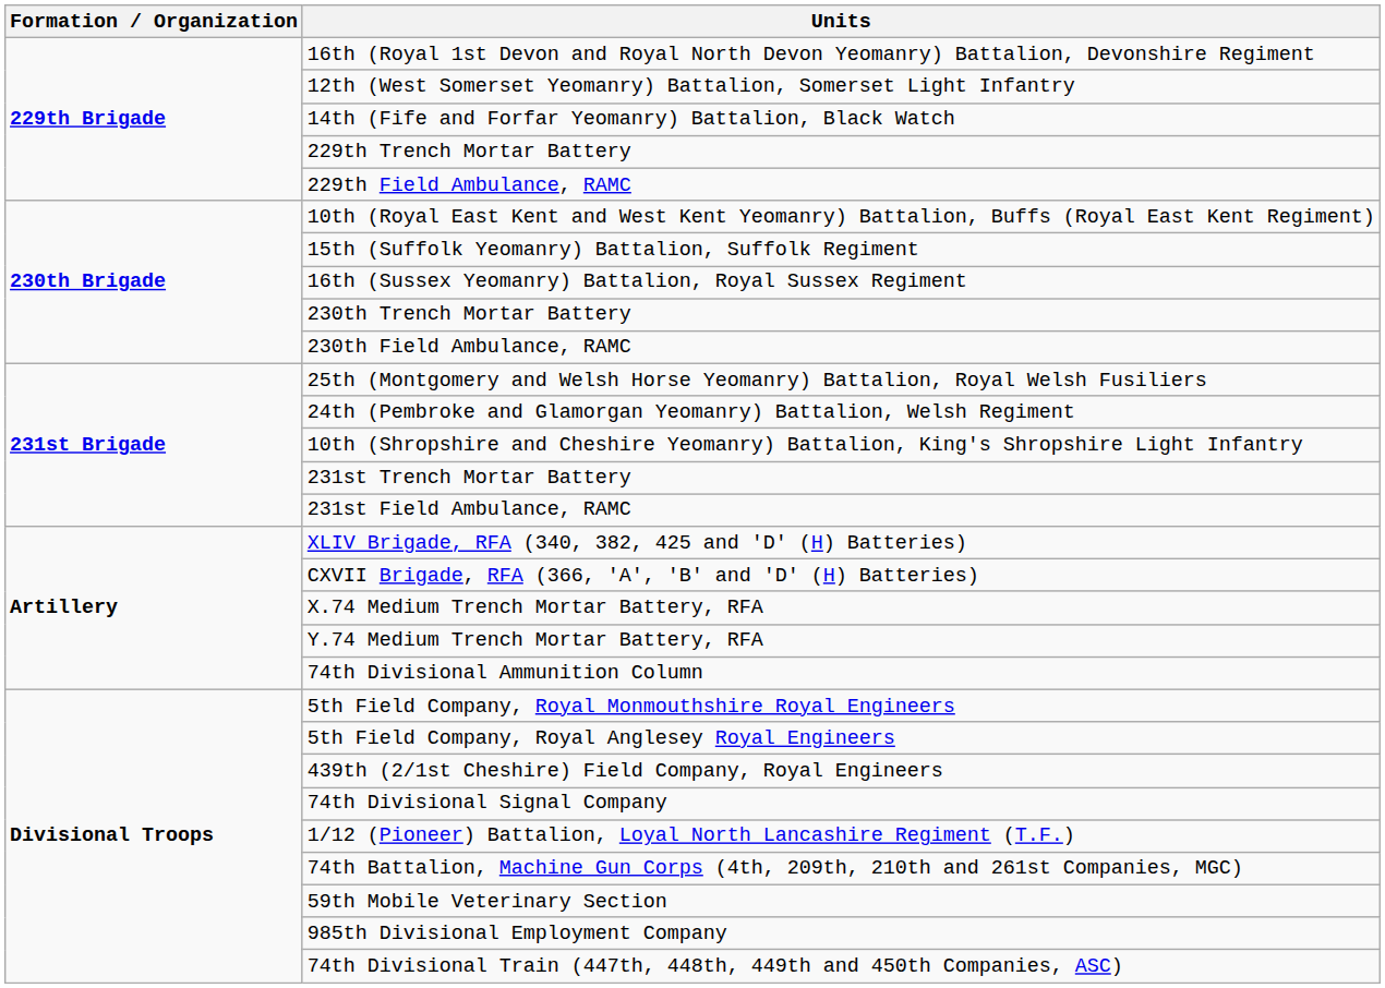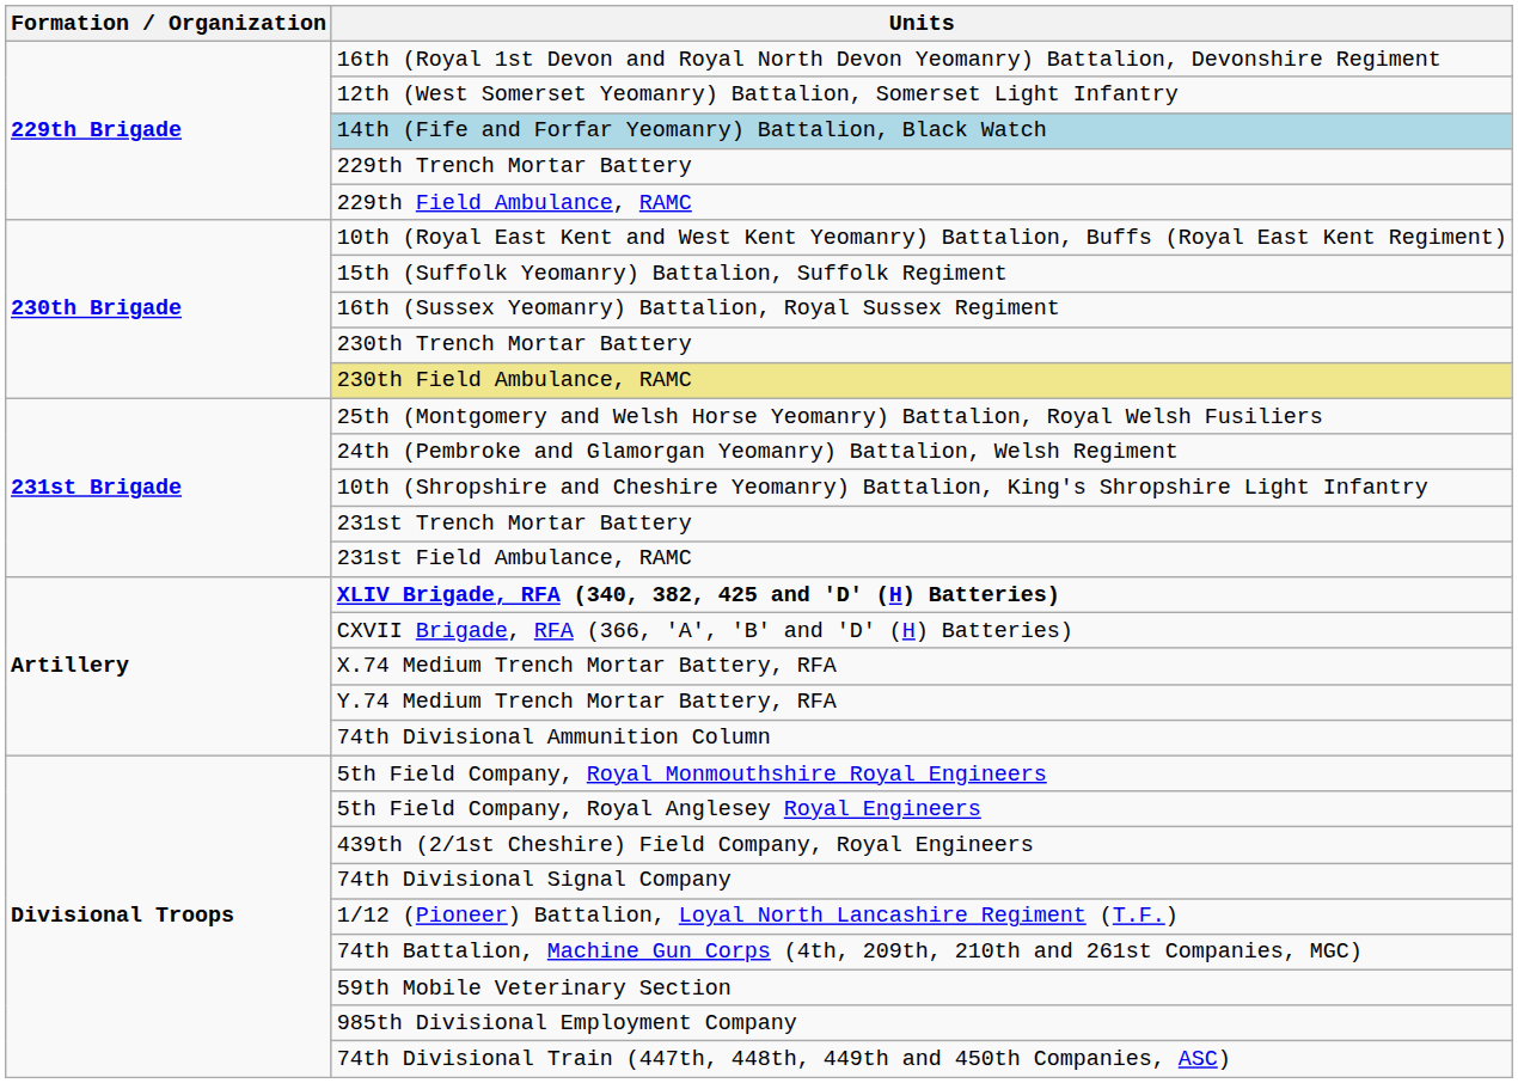 <table class="wikitable" style="text-align:left;">
 <tr>
 <th>Formation / Organization</th>
 <th>Units</th>
 </tr>
 <tr>
 <td rowspan=5><strong><a href='#'>229th Brigade</a></strong></td>
 <td>16th (Royal 1st Devon and Royal North Devon Yeomanry) Battalion, Devonshire Regiment</td>
 </tr>
 <tr>
 <td>12th (West Somerset Yeomanry) Battalion, Somerset Light Infantry</td>
 </tr>
 <tr>
-<td>14th (Fife and Forfar Yeomanry) Battalion, Black Watch</td>
+<td style="background: lightblue;">14th (Fife and Forfar Yeomanry) Battalion, Black Watch</td>
 </tr>
 <tr>
 <td>229th Trench Mortar Battery</td>
 </tr>
 <tr>
 <td>229th <a href='#'>Field Ambulance</a>, <a href='#'>RAMC</a></td>
 </tr>
 <tr>
 <td rowspan=5><strong><a href='#'>230th Brigade</a></strong></td>
 <td>10th (Royal East Kent and West Kent Yeomanry) Battalion, Buffs (Royal East Kent Regiment)</td>
 </tr>
 <tr>
 <td>15th (Suffolk Yeomanry) Battalion, Suffolk Regiment</td>
 </tr>
 <tr>
 <td>16th (Sussex Yeomanry) Battalion, Royal Sussex Regiment</td>
 </tr>
 <tr>
 <td>230th Trench Mortar Battery</td>
 </tr>
 <tr>
-<td>230th Field Ambulance, RAMC</td>
+<td style="background: khaki;">230th Field Ambulance, RAMC</td>
 </tr>
 <tr>
 <td rowspan=5><strong><a href='#'>231st Brigade</a></strong></td>
 <td>25th (Montgomery and Welsh Horse Yeomanry) Battalion, Royal Welsh Fusiliers</td>
 </tr>
 <tr>
 <td>24th (Pembroke and Glamorgan Yeomanry) Battalion, Welsh Regiment</td>
 </tr>
 <tr>
 <td>10th (Shropshire and Cheshire Yeomanry) Battalion, King's Shropshire Light Infantry</td>
 </tr>
 <tr>
 <td>231st Trench Mortar Battery</td>
 </tr>
 <tr>
 <td>231st Field Ambulance, RAMC</td>
 </tr>
 <tr>
 <td rowspan=5><strong>Artillery</strong></td>
-<td><a href='#'>XLIV Brigade, RFA</a> (340, 382, 425 and 'D' (<a href='#'>H</a>) Batteries)</td>
+<td><strong><a href='#'>XLIV Brigade, RFA</a> (340, 382, 425 and 'D' (<a href='#'>H</a>) Batteries)</strong></td>
 </tr>
 <tr>
 <td>CXVII <a href='#'>Brigade</a>, <a href='#'>RFA</a> (366, 'A', 'B' and 'D' (<a href='#'>H</a>) Batteries)</td>
 </tr>
 <tr>
 <td>X.74 Medium Trench Mortar Battery, RFA</td>
 </tr>
 <tr>
 <td>Y.74 Medium Trench Mortar Battery, RFA</td>
 </tr>
 <tr>
 <td>74th Divisional Ammunition Column</td>
 </tr>
 <tr>
 <td rowspan=9><strong>Divisional Troops</strong></td>
 <td>5th Field Company, <a href='#'>Royal Monmouthshire Royal Engineers</a></td>
 </tr>
 <tr>
 <td>5th Field Company, Royal Anglesey <a href='#'>Royal Engineers</a></td>
 </tr>
 <tr>
 <td>439th (2/1st Cheshire) Field Company, Royal Engineers</td>
 </tr>
 <tr>
 <td>74th Divisional Signal Company</td>
 </tr>
 <tr>
 <td>1/12 (<a href='#'>Pioneer</a>) Battalion, <a href='#'>Loyal North Lancashire Regiment</a> (<a href='#'>T.F.</a>)</td>
 </tr>
 <tr>
 <td>74th Battalion, <a href='#'>Machine Gun Corps</a> (4th, 209th, 210th and 261st Companies, MGC)</td>
 </tr>
 <tr>
 <td>59th Mobile Veterinary Section</td>
 </tr>
 <tr>
 <td>985th Divisional Employment Company</td>
 </tr>
 <tr>
 <td>74th Divisional Train (447th, 448th, 449th and 450th Companies, <a href='#'>ASC</a>)</td>
 </tr>
 </table>
